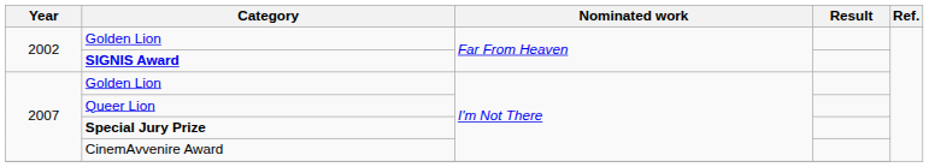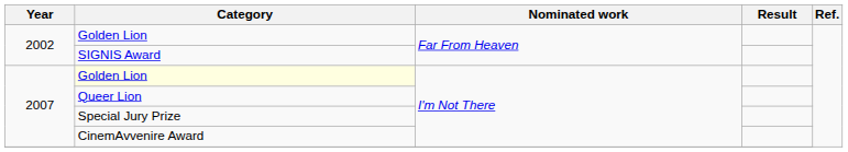 <table class=wikitable>
 <tr>
 <th scope="col" style="width:5em;">Year</th>
 <th scope="col" style="width:26em;">Category</th>
 <th scope="col" style="width:25em;">Nominated work</th>
 <th scope="col" style="width:5em;">Result</th>
 <th>Ref.</th>
 </tr>
 <tr>
 <td style="text-align:center;", rowspan=2>2002</td>
 <td><a href='#'>Golden Lion</a></td>
 <td rowspan=2><em><a href='#'>Far From Heaven</a></em></td>
 <td></td>
 </tr>
 <tr>
-<td><strong><a href='#'>SIGNIS Award</a></strong></td>
+<td><a href='#'>SIGNIS Award</a></td>
 <td></td>
 </tr>
 <tr>
 <td style="text-align:center;", rowspan=4>2007</td>
-<td><a href='#'>Golden Lion</a></td>
+<td style="background: lightyellow;"><a href='#'>Golden Lion</a></td>
 <td rowspan=4><em><a href='#'>I'm Not There</a></em></td>
 <td></td>
 </tr>
 <tr>
 <td><a href='#'>Queer Lion</a></td>
 <td></td>
 </tr>
 <tr>
-<td><strong>Special Jury Prize</strong></td>
+<td>Special Jury Prize</td>
 <td></td>
 </tr>
 <tr>
 <td>CinemAvvenire Award</td>
 <td></td>
 </tr>
 <tr>
 </tr>
 </table>
